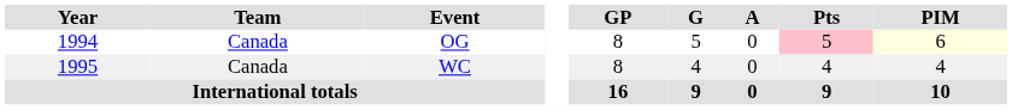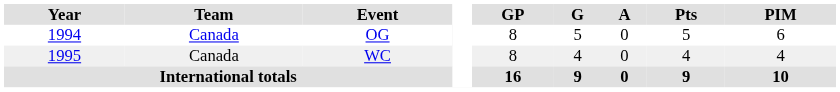 <table border="0" cellpadding="1" cellspacing="0" style="text-align:center; width:50em">
 <tr ALIGN="center" bgcolor="#e0e0e0">
 <th>Year</th>
 <th>Team</th>
 <th>Event</th>
 <th rowspan="99" bgcolor="#ffffff"> </th>
 <th>GP</th>
 <th>G</th>
 <th>A</th>
 <th>Pts</th>
 <th>PIM</th>
 </tr>
 <tr>
 <td><a href='#'>1994</a></td>
 <td><a href='#'>Canada</a></td>
 <td><a href='#'>OG</a></td>
 <td>8</td>
 <td>5</td>
 <td>0</td>
-<td style="background: pink;">5</td>
-<td style="background: lightyellow;">6</td>
+<td>5</td>
+<td>6</td>
 </tr>
 <tr bgcolor="#f0f0f0">
 <td><a href='#'>1995</a></td>
 <td>Canada</td>
 <td><a href='#'>WC</a></td>
 <td>8</td>
 <td>4</td>
 <td>0</td>
 <td>4</td>
 <td>4</td>
 </tr>
 <tr bgcolor="#e0e0e0">
 <th colspan=3>International totals</th>
 <th>16</th>
 <th>9</th>
 <th>0</th>
 <th>9</th>
 <th>10</th>
 </tr>
 </table>
